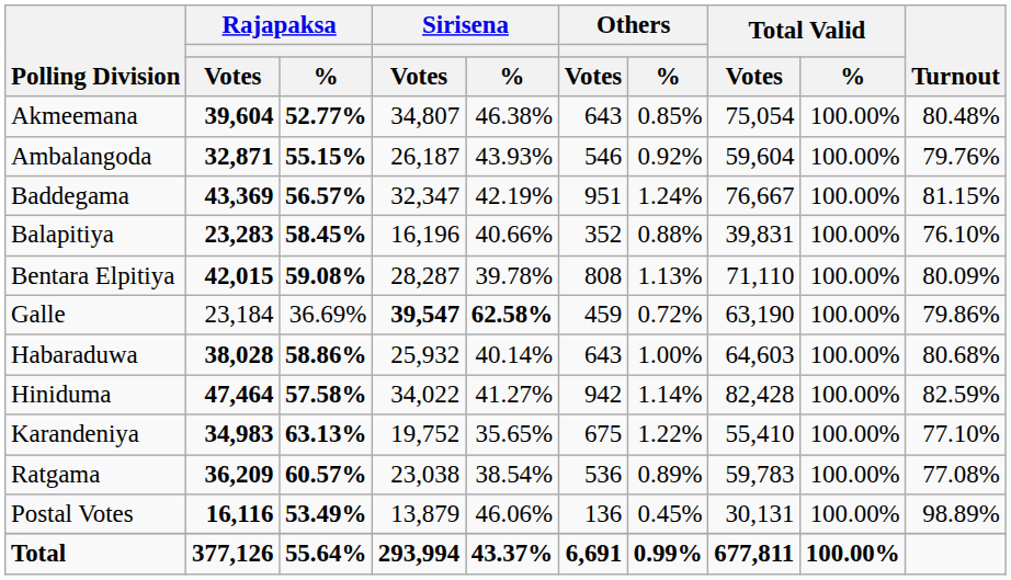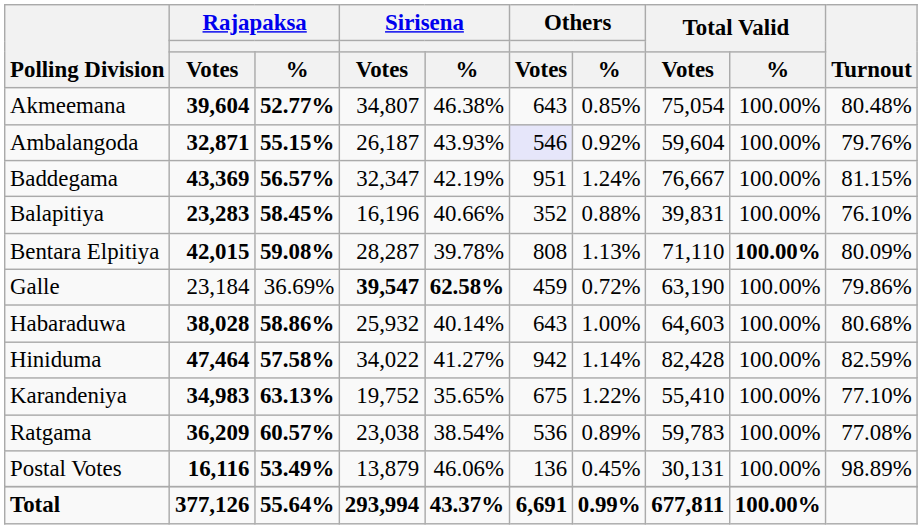 <table class="wikitable sortable" border="1" style="text-align:right;">
 <tr>
 <th rowspan="3" valign="bottom">Polling Division</th>
 <th colspan="2"><a href='#'>Rajapaksa</a></th>
 <th colspan="2"><a href='#'>Sirisena</a></th>
 <th colspan="2">Others</th>
 <th colspan="2" rowspan="2">Total Valid</th>
 <th rowspan="3" valign="bottom">Turnout</th>
 </tr>
 <tr>
 <th colspan="2" style="background:"></th>
 <th colspan="2" style="background:"></th>
 <th colspan="2"></th>
 </tr>
 <tr>
 <th>Votes</th>
 <th align="center">%</th>
 <th>Votes</th>
 <th align="center">%</th>
 <th>Votes</th>
 <th align="center">%</th>
 <th>Votes</th>
 <th align="center">%</th>
 </tr>
 <tr>
 <td align="left">Akmeemana</td>
 <td><strong>39,604</strong></td>
 <td><strong>52.77%</strong></td>
 <td>34,807</td>
 <td>46.38%</td>
 <td>643</td>
 <td>0.85%</td>
 <td>75,054</td>
 <td>100.00%</td>
 <td>80.48%</td>
 </tr>
 <tr>
 <td align="left">Ambalangoda</td>
 <td><strong>32,871</strong></td>
 <td><strong>55.15%</strong></td>
 <td>26,187</td>
 <td>43.93%</td>
-<td>546</td>
+<td style="background: lavender;">546</td>
 <td>0.92%</td>
 <td>59,604</td>
 <td>100.00%</td>
 <td>79.76%</td>
 </tr>
 <tr>
 <td align="left">Baddegama</td>
 <td><strong>43,369</strong></td>
 <td><strong>56.57%</strong></td>
 <td>32,347</td>
 <td>42.19%</td>
 <td>951</td>
 <td>1.24%</td>
 <td>76,667</td>
 <td>100.00%</td>
 <td>81.15%</td>
 </tr>
 <tr>
 <td align="left">Balapitiya</td>
 <td><strong>23,283</strong></td>
 <td><strong>58.45%</strong></td>
 <td>16,196</td>
 <td>40.66%</td>
 <td>352</td>
 <td>0.88%</td>
 <td>39,831</td>
 <td>100.00%</td>
 <td>76.10%</td>
 </tr>
 <tr>
 <td align="left">Bentara Elpitiya</td>
 <td><strong>42,015</strong></td>
 <td><strong>59.08%</strong></td>
 <td>28,287</td>
 <td>39.78%</td>
 <td>808</td>
 <td>1.13%</td>
 <td>71,110</td>
-<td>100.00%</td>
+<td><strong>100.00%</strong></td>
 <td>80.09%</td>
 </tr>
 <tr>
 <td align="left">Galle</td>
 <td>23,184</td>
 <td>36.69%</td>
 <td><strong>39,547</strong></td>
 <td><strong>62.58%</strong></td>
 <td>459</td>
 <td>0.72%</td>
 <td>63,190</td>
 <td>100.00%</td>
 <td>79.86%</td>
 </tr>
 <tr>
 <td align="left">Habaraduwa</td>
 <td><strong>38,028</strong></td>
 <td><strong>58.86%</strong></td>
 <td>25,932</td>
 <td>40.14%</td>
 <td>643</td>
 <td>1.00%</td>
 <td>64,603</td>
 <td>100.00%</td>
 <td>80.68%</td>
 </tr>
 <tr>
 <td align="left">Hiniduma</td>
 <td><strong>47,464</strong></td>
 <td><strong>57.58%</strong></td>
 <td>34,022</td>
 <td>41.27%</td>
 <td>942</td>
 <td>1.14%</td>
 <td>82,428</td>
 <td>100.00%</td>
 <td>82.59%</td>
 </tr>
 <tr>
 <td align="left">Karandeniya</td>
 <td><strong>34,983</strong></td>
 <td><strong>63.13%</strong></td>
 <td>19,752</td>
 <td>35.65%</td>
 <td>675</td>
 <td>1.22%</td>
 <td>55,410</td>
 <td>100.00%</td>
 <td>77.10%</td>
 </tr>
 <tr>
 <td align="left">Ratgama</td>
 <td><strong>36,209</strong></td>
 <td><strong>60.57%</strong></td>
 <td>23,038</td>
 <td>38.54%</td>
 <td>536</td>
 <td>0.89%</td>
 <td>59,783</td>
 <td>100.00%</td>
 <td>77.08%</td>
 </tr>
 <tr>
 <td align="left">Postal Votes</td>
 <td><strong>16,116</strong></td>
 <td><strong>53.49%</strong></td>
 <td>13,879</td>
 <td>46.06%</td>
 <td>136</td>
 <td>0.45%</td>
 <td>30,131</td>
 <td>100.00%</td>
 <td>98.89%</td>
 </tr>
 <tr>
 </tr>
 <tr class="sortbottom" style="font-weight:bold">
 <td colspan="1" align="left">Total</td>
 <td>377,126</td>
 <td>55.64%</td>
 <td>293,994</td>
 <td>43.37%</td>
 <td>6,691</td>
 <td>0.99%</td>
 <td>677,811</td>
 <td>100.00%</td>
 <td></td>
 </tr>
 </table>
